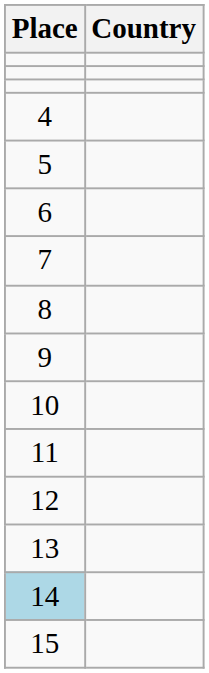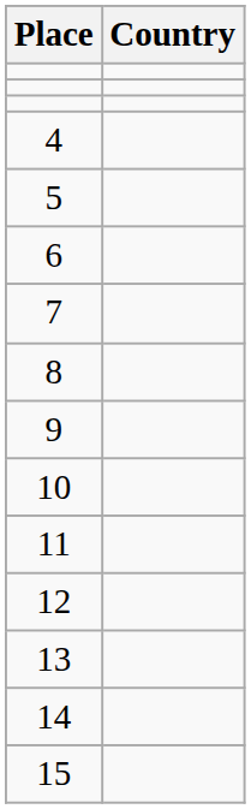 <table class="wikitable" style="font-size:95%;">
 <tr>
 <th>Place</th>
 <th>Country</th>
 </tr>
 <tr>
 <td align=center></td>
 <td></td>
 </tr>
 <tr>
 <td align="center"></td>
 <td></td>
 </tr>
 <tr>
 <td align="center"></td>
 <td></td>
 </tr>
 <tr>
 <td align="center">4</td>
 <td></td>
 </tr>
 <tr>
 <td align="center">5</td>
 <td></td>
 </tr>
 <tr>
 <td align="center">6</td>
 <td></td>
 </tr>
 <tr>
 <td align="center">7</td>
 <td></td>
 </tr>
 <tr>
 <td align="center">8</td>
 <td></td>
 </tr>
 <tr>
 <td align="center">9</td>
 <td></td>
 </tr>
 <tr>
 <td align="center">10</td>
 <td></td>
 </tr>
 <tr>
 <td align="center">11</td>
 <td></td>
 </tr>
 <tr>
 <td align="center">12</td>
 <td></td>
 </tr>
 <tr>
 <td align="center">13</td>
 <td></td>
 </tr>
 <tr>
-<td align="center" style="background: lightblue;">14</td>
+<td align="center">14</td>
 <td></td>
 </tr>
 <tr>
 <td align=center>15</td>
 <td></td>
 </tr>
 </table>
